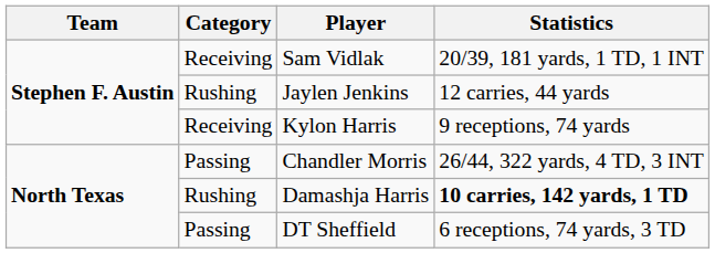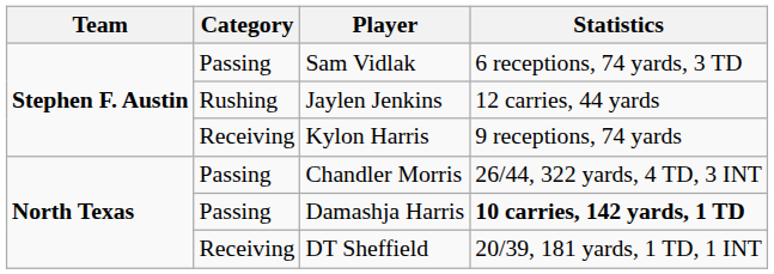 <table class="wikitable" style="float: right;">
 <tr>
 <th>Team</th>
 <th>Category</th>
 <th>Player</th>
 <th>Statistics</th>
 </tr>
 <tr>
 <td rowspan=3><strong>Stephen F. Austin</strong></td>
-<td>Receiving</td>
+<td>Passing</td>
 <td>Sam Vidlak</td>
-<td>20/39, 181 yards, 1 TD, 1 INT</td>
+<td>6 receptions, 74 yards, 3 TD</td>
 </tr>
 <tr>
 <td>Rushing</td>
 <td>Jaylen Jenkins</td>
 <td>12 carries, 44 yards</td>
 </tr>
 <tr>
 <td>Receiving</td>
 <td>Kylon Harris</td>
 <td>9 receptions, 74 yards</td>
 </tr>
 <tr>
 <td rowspan=3><strong>North Texas</strong></td>
 <td>Passing</td>
 <td>Chandler Morris</td>
 <td>26/44, 322 yards, 4 TD, 3 INT</td>
 </tr>
 <tr>
-<td>Rushing</td>
+<td>Passing</td>
 <td>Damashja Harris</td>
 <td><strong>10 carries, 142 yards, 1 TD</strong></td>
 </tr>
 <tr>
-<td>Passing</td>
+<td>Receiving</td>
 <td>DT Sheffield</td>
-<td>6 receptions, 74 yards, 3 TD</td>
+<td>20/39, 181 yards, 1 TD, 1 INT</td>
 </tr>
 </table>
